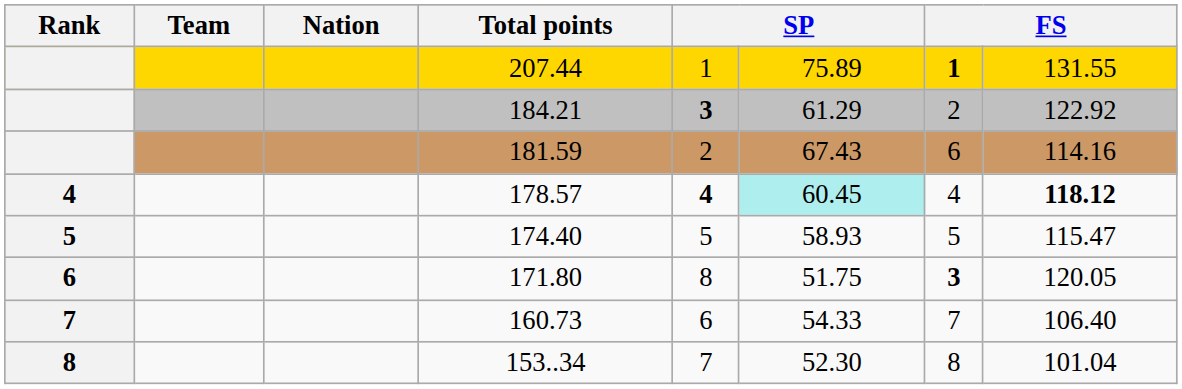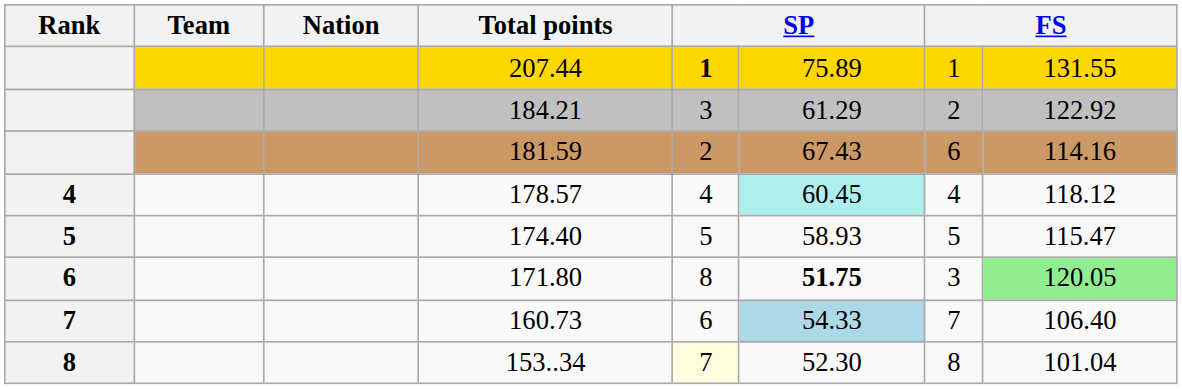 <table class="wikitable sortable" style="text-align:center;" width="80%">
 <tr>
 <th scope="col">Rank</th>
 <th scope="col">Team</th>
 <th scope="col">Nation</th>
 <th scope="col">Total points</th>
 <th scope="col" colspan="2" width="80px"><a href='#'>SP</a></th>
 <th scope="col" colspan="2" width="80px"><a href='#'>FS</a></th>
 </tr>
 <tr bgcolor="gold">
 <th scope="row"></th>
 <td align="left"></td>
 <td align="left"></td>
 <td>207.44</td>
+<td><strong>1</strong></td>
+<td>75.89</td>
 <td>1</td>
-<td>75.89</td>
-<td><strong>1</strong></td>
 <td>131.55</td>
 </tr>
 <tr bgcolor="silver">
 <th scope="row"></th>
 <td align="left"></td>
 <td align="left"></td>
 <td>184.21</td>
-<td><strong>3</strong></td>
+<td>3</td>
 <td>61.29</td>
 <td>2</td>
 <td>122.92</td>
 </tr>
 <tr bgcolor="cc9966">
 <th scope="row"></th>
 <td align="left"></td>
 <td align="left"></td>
 <td>181.59</td>
 <td>2</td>
 <td>67.43</td>
 <td>6</td>
 <td>114.16</td>
 </tr>
 <tr>
 <th scope="row">4</th>
 <td align="left"></td>
 <td align="left"></td>
 <td>178.57</td>
-<td><strong>4</strong></td>
+<td>4</td>
 <td style="background: paleturquoise;">60.45</td>
 <td>4</td>
-<td><strong>118.12</strong></td>
+<td>118.12</td>
 </tr>
 <tr>
 <th scope="row">5</th>
 <td align="left"></td>
 <td align="left"></td>
 <td>174.40</td>
 <td>5</td>
 <td>58.93</td>
 <td>5</td>
 <td>115.47</td>
 </tr>
 <tr>
 <th scope="row">6</th>
 <td align="left"></td>
 <td align="left"></td>
 <td>171.80</td>
 <td>8</td>
-<td>51.75</td>
-<td><strong>3</strong></td>
-<td>120.05</td>
+<td><strong>51.75</strong></td>
+<td>3</td>
+<td style="background: lightgreen;">120.05</td>
 </tr>
 <tr>
 <th scope="row">7</th>
 <td align="left"></td>
 <td align="left"></td>
 <td>160.73</td>
 <td>6</td>
-<td>54.33</td>
+<td style="background: lightblue;">54.33</td>
 <td>7</td>
 <td>106.40</td>
 </tr>
 <tr>
 <th scope="row">8</th>
 <td align="left"></td>
 <td align="left"></td>
 <td>153..34</td>
-<td>7</td>
+<td style="background: lightyellow;">7</td>
 <td>52.30</td>
 <td>8</td>
 <td>101.04</td>
 </tr>
 </table>
